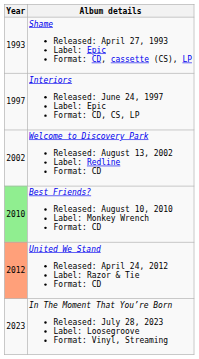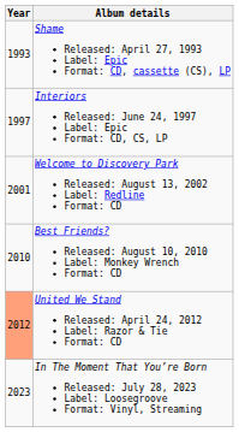 <table class ="wikitable" border="1">
 <tr>
 <th>Year</th>
 <th>Album details</th>
 </tr>
 <tr>
 <td>1993</td>
 <td><em><a href='#'>Shame</a></em><br><ul><li>Released: April 27, 1993</li><li>Label: <a href='#'>Epic</a></li><li>Format: <a href='#'>CD</a>, <a href='#'>cassette</a> (CS), <a href='#'>LP</a></li></ul></td>
 </tr>
 <tr>
 <td>1997</td>
 <td><em><a href='#'>Interiors</a></em><br><ul><li>Released: June 24, 1997</li><li>Label: Epic</li><li>Format: CD, CS, LP</li></ul></td>
 </tr>
 <tr>
-<td>2002</td>
+<td>2001</td>
 <td><em><a href='#'>Welcome to Discovery Park</a></em><br><ul><li>Released: August 13, 2002</li><li>Label: <a href='#'>Redline</a></li><li>Format: CD</li></ul></td>
 </tr>
 <tr>
-<td style="background: lightgreen;">2010</td>
+<td>2010</td>
 <td><em><a href='#'>Best Friends?</a></em><br><ul><li>Released: August 10, 2010</li><li>Label: Monkey Wrench</li><li>Format: CD</li></ul></td>
 </tr>
 <tr>
 <td style="background: lightsalmon;">2012</td>
 <td><em><a href='#'>United We Stand</a></em><br><ul><li>Released: April 24, 2012</li><li>Label: Razor & Tie</li><li>Format: CD</li></ul></td>
 </tr>
 <tr>
 <td>2023</td>
 <td><em>In The Moment That You’re Born</em><br><ul><li>Released: July 28, 2023</li><li>Label: Loosegroove</li><li>Format: Vinyl, Streaming</li></ul></td>
 </tr>
 </table>
